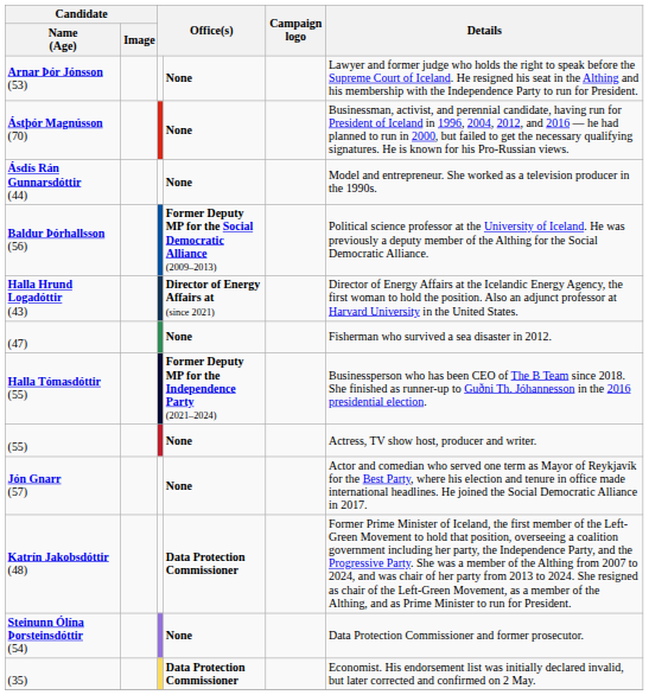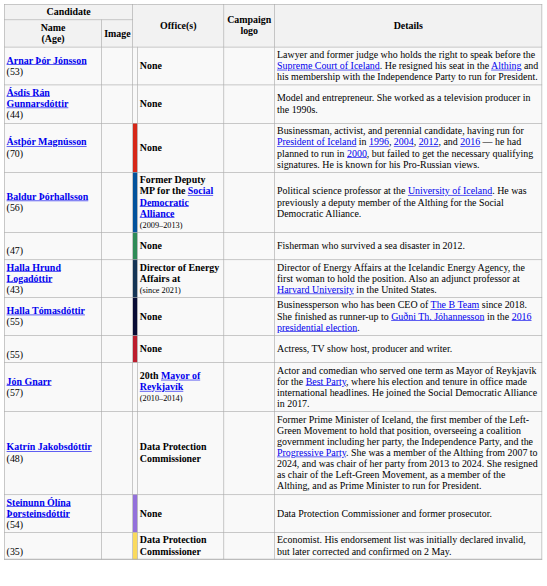 <table class="wikitable">
 <tr>
 <th colspan="2">Candidate</th>
 <th rowspan="2" width=200 colspan="2">Office(s)</th>
 <th rowspan="2">Campaign logo</th>
 <th rowspan="2">Details</th>
 </tr>
 <tr>
 <th width=150>Name<br>(Age)</th>
 <th>Image</th>
 </tr>
 <tr>
 <td><strong><a href='#'>Arnar Þór Jónsson</a></strong><br>(53)</td>
 <td></td>
 <td style="background-color:"></td>
 <td><strong>None</strong><br></td>
 <td></td>
 <td>Lawyer and former judge who holds the right to speak before the <a href='#'>Supreme Court of Iceland</a>. He resigned his seat in the <a href='#'>Althing</a> and his membership with the Independence Party to run for President.</td>
 </tr>
 <tr>
+<td><strong><a href='#'>Ásdís Rán Gunnarsdóttir</a></strong><br>(44)</td>
+<td></td>
+<td style="background-color:"></td>
+<td><strong>None</strong><br></td>
+<td></td>
+<td>Model and entrepreneur. She worked as a television producer in the 1990s.</td>
+</tr>
+<tr>
 <td><strong><a href='#'>Ástþór Magnússon</a></strong><br>(70)</td>
 <td></td>
 <td style="background-color:#D62718;"></td>
 <td><strong>None</strong></td>
 <td></td>
 <td>Businessman, activist, and perennial candidate, having run for <a href='#'>President of Iceland</a> in <a href='#'>1996</a>, <a href='#'>2004</a>, <a href='#'>2012</a>, and <a href='#'>2016</a> — he had planned to run in <a href='#'>2000</a>, but failed to get the necessary qualifying signatures. He is known for his Pro-Russian views.</td>
-</tr>
-<tr>
-<td><strong><a href='#'>Ásdís Rán Gunnarsdóttir</a></strong><br>(44)</td>
-<td></td>
-<td style="background-color:"></td>
-<td><strong>None</strong><br></td>
-<td></td>
-<td>Model and entrepreneur. She worked as a television producer in the 1990s.</td>
 </tr>
 <tr>
 <td><strong><a href='#'>Baldur Þórhallsson</a></strong><br>(56)</td>
 <td></td>
 <td style="background-color:#02529C;"></td>
 <td><strong>Former Deputy MP for the <a href='#'>Social Democratic Alliance</a></strong><br><small>(2009–2013)</small></td>
 <td></td>
 <td>Political science professor at the <a href='#'>University of Iceland</a>. He was previously a deputy member of the Althing for the Social Democratic Alliance.</td>
 </tr>
 <tr>
+<td><strong></strong><br>(47)</td>
+<td></td>
+<td style="background-color:#2E8B57;"></td>
+<td><strong>None</strong></td>
+<td></td>
+<td>Fisherman who survived a sea disaster in 2012.</td>
+</tr>
+<tr>
 <td><strong><a href='#'>Halla Hrund Logadóttir</a></strong><br>(43)</td>
 <td></td>
 <td style="background-color:#143454;"></td>
 <td><strong>Director of Energy Affairs at </strong><br> <small>(since 2021)</small></td>
 <td></td>
 <td>Director of Energy Affairs at the Icelandic Energy Agency, the first woman to hold the position. Also an adjunct professor at <a href='#'>Harvard University</a> in the United States.</td>
 </tr>
 <tr>
-<td><strong></strong><br>(47)</td>
-<td></td>
-<td style="background-color:#2E8B57;"></td>
-<td><strong>None</strong></td>
-<td></td>
-<td>Fisherman who survived a sea disaster in 2012.</td>
-</tr>
-<tr>
 <td><strong><a href='#'>Halla Tómasdóttir</a></strong><br>(55)</td>
 <td></td>
 <td style="background-color:#080c34;"></td>
-<td><strong>Former Deputy MP for the <a href='#'>Independence Party</a></strong><br><small> (2021–2024)</small></td>
+<td><strong>None</strong><br></td>
 <td></td>
 <td>Businessperson who has been CEO of <a href='#'>The B Team</a> since 2018. She finished as runner-up to <a href='#'>Guðni Th. Jóhannesson</a> in the <a href='#'>2016 presidential election</a>.</td>
 </tr>
 <tr>
 <td><strong></strong><br>(55)</td>
 <td></td>
 <td style="background-color:#bc1d2d;"></td>
 <td><strong>None</strong></td>
 <td></td>
 <td>Actress, TV show host, producer and writer.</td>
 </tr>
 <tr>
 <td><strong><a href='#'>Jón Gnarr</a></strong><br>(57)</td>
 <td></td>
 <td style="background-color:"></td>
-<td><strong>None</strong></td>
+<td><strong>20th <a href='#'>Mayor of Reykjavík</a></strong><br><small>(2010–2014)</small><br></td>
 <td></td>
 <td>Actor and comedian who served one term as Mayor of Reykjavík for the <a href='#'>Best Party</a>, where his election and tenure in office made international headlines. He joined the Social Democratic Alliance in 2017.</td>
 </tr>
 <tr>
 <td><strong><a href='#'>Katrín Jakobsdóttir</a></strong><br>(48)</td>
 <td></td>
 <td style="background-color:"></td>
 <td><strong>Data Protection Commissioner</strong></td>
 <td></td>
 <td>Former Prime Minister of Iceland, the first member of the Left-Green Movement to hold that position, overseeing a coalition government including her party, the Independence Party, and the <a href='#'>Progressive Party</a>. She was a member of the Althing from 2007 to 2024, and was chair of her party from 2013 to 2024. She resigned as chair of the Left-Green Movement, as a member of the Althing, and as Prime Minister to run for President.</td>
 </tr>
 <tr>
 <td><strong><a href='#'>Steinunn Ólína Þorsteinsdóttir</a></strong><br>(54)</td>
 <td></td>
 <td style="background-color:#9370DB;"></td>
 <td><strong>None</strong></td>
 <td></td>
 <td>Data Protection Commissioner and former prosecutor.</td>
 </tr>
 <tr>
 <td><strong></strong><br>(35)</td>
 <td></td>
 <td style="background-color:#FADA5E;"></td>
 <td><strong>Data Protection Commissioner</strong></td>
 <td></td>
 <td>Economist. His endorsement list was initially declared invalid, but later corrected and confirmed on 2 May.</td>
 </tr>
 <tr>
 </tr>
 </table>
